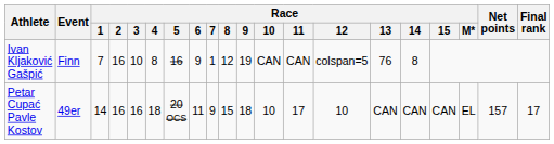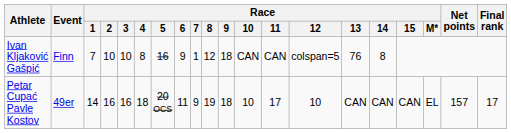 <table class="wikitable" style="font-size:90%">
 <tr>
 <th rowspan="2">Athlete</th>
 <th rowspan="2">Event</th>
 <th colspan=16>Race</th>
 <th rowspan=2>Net points</th>
 <th rowspan=2>Final rank</th>
 </tr>
 <tr style="font-size:95%">
 <th>1</th>
 <th>2</th>
 <th>3</th>
 <th>4</th>
 <th>5</th>
 <th>6</th>
 <th>7</th>
 <th>8</th>
 <th>9</th>
 <th>10</th>
 <th>11</th>
 <th>12</th>
 <th>13</th>
 <th>14</th>
 <th>15</th>
 <th>M*</th>
 </tr>
 <tr align=center>
 <td align=left><a href='#'>Ivan Kljaković Gašpić</a></td>
 <td align=left><a href='#'>Finn</a></td>
 <td>7</td>
-<td>16</td>
+<td>10</td>
 <td>10</td>
 <td>8</td>
 <td><s>16</s></td>
 <td>9</td>
 <td>1</td>
 <td>12</td>
-<td>19</td>
+<td>18</td>
 <td>CAN</td>
 <td>CAN</td>
 <td>colspan=5 </td>
 <td>76</td>
 <td>8</td>
 </tr>
 <tr align=center>
 <td align=left><a href='#'>Petar Cupać</a><br><a href='#'>Pavle Kostov</a></td>
 <td align=left><a href='#'>49er</a></td>
 <td>14</td>
 <td>16</td>
 <td>16</td>
 <td>18</td>
 <td><s>20<br><small>OCS</small></s></td>
 <td>11</td>
 <td>9</td>
-<td>15</td>
+<td>19</td>
 <td>18</td>
 <td>10</td>
 <td>17</td>
 <td>10</td>
 <td>CAN</td>
 <td>CAN</td>
 <td>CAN</td>
 <td>EL</td>
 <td>157</td>
 <td>17</td>
 </tr>
 </table>
